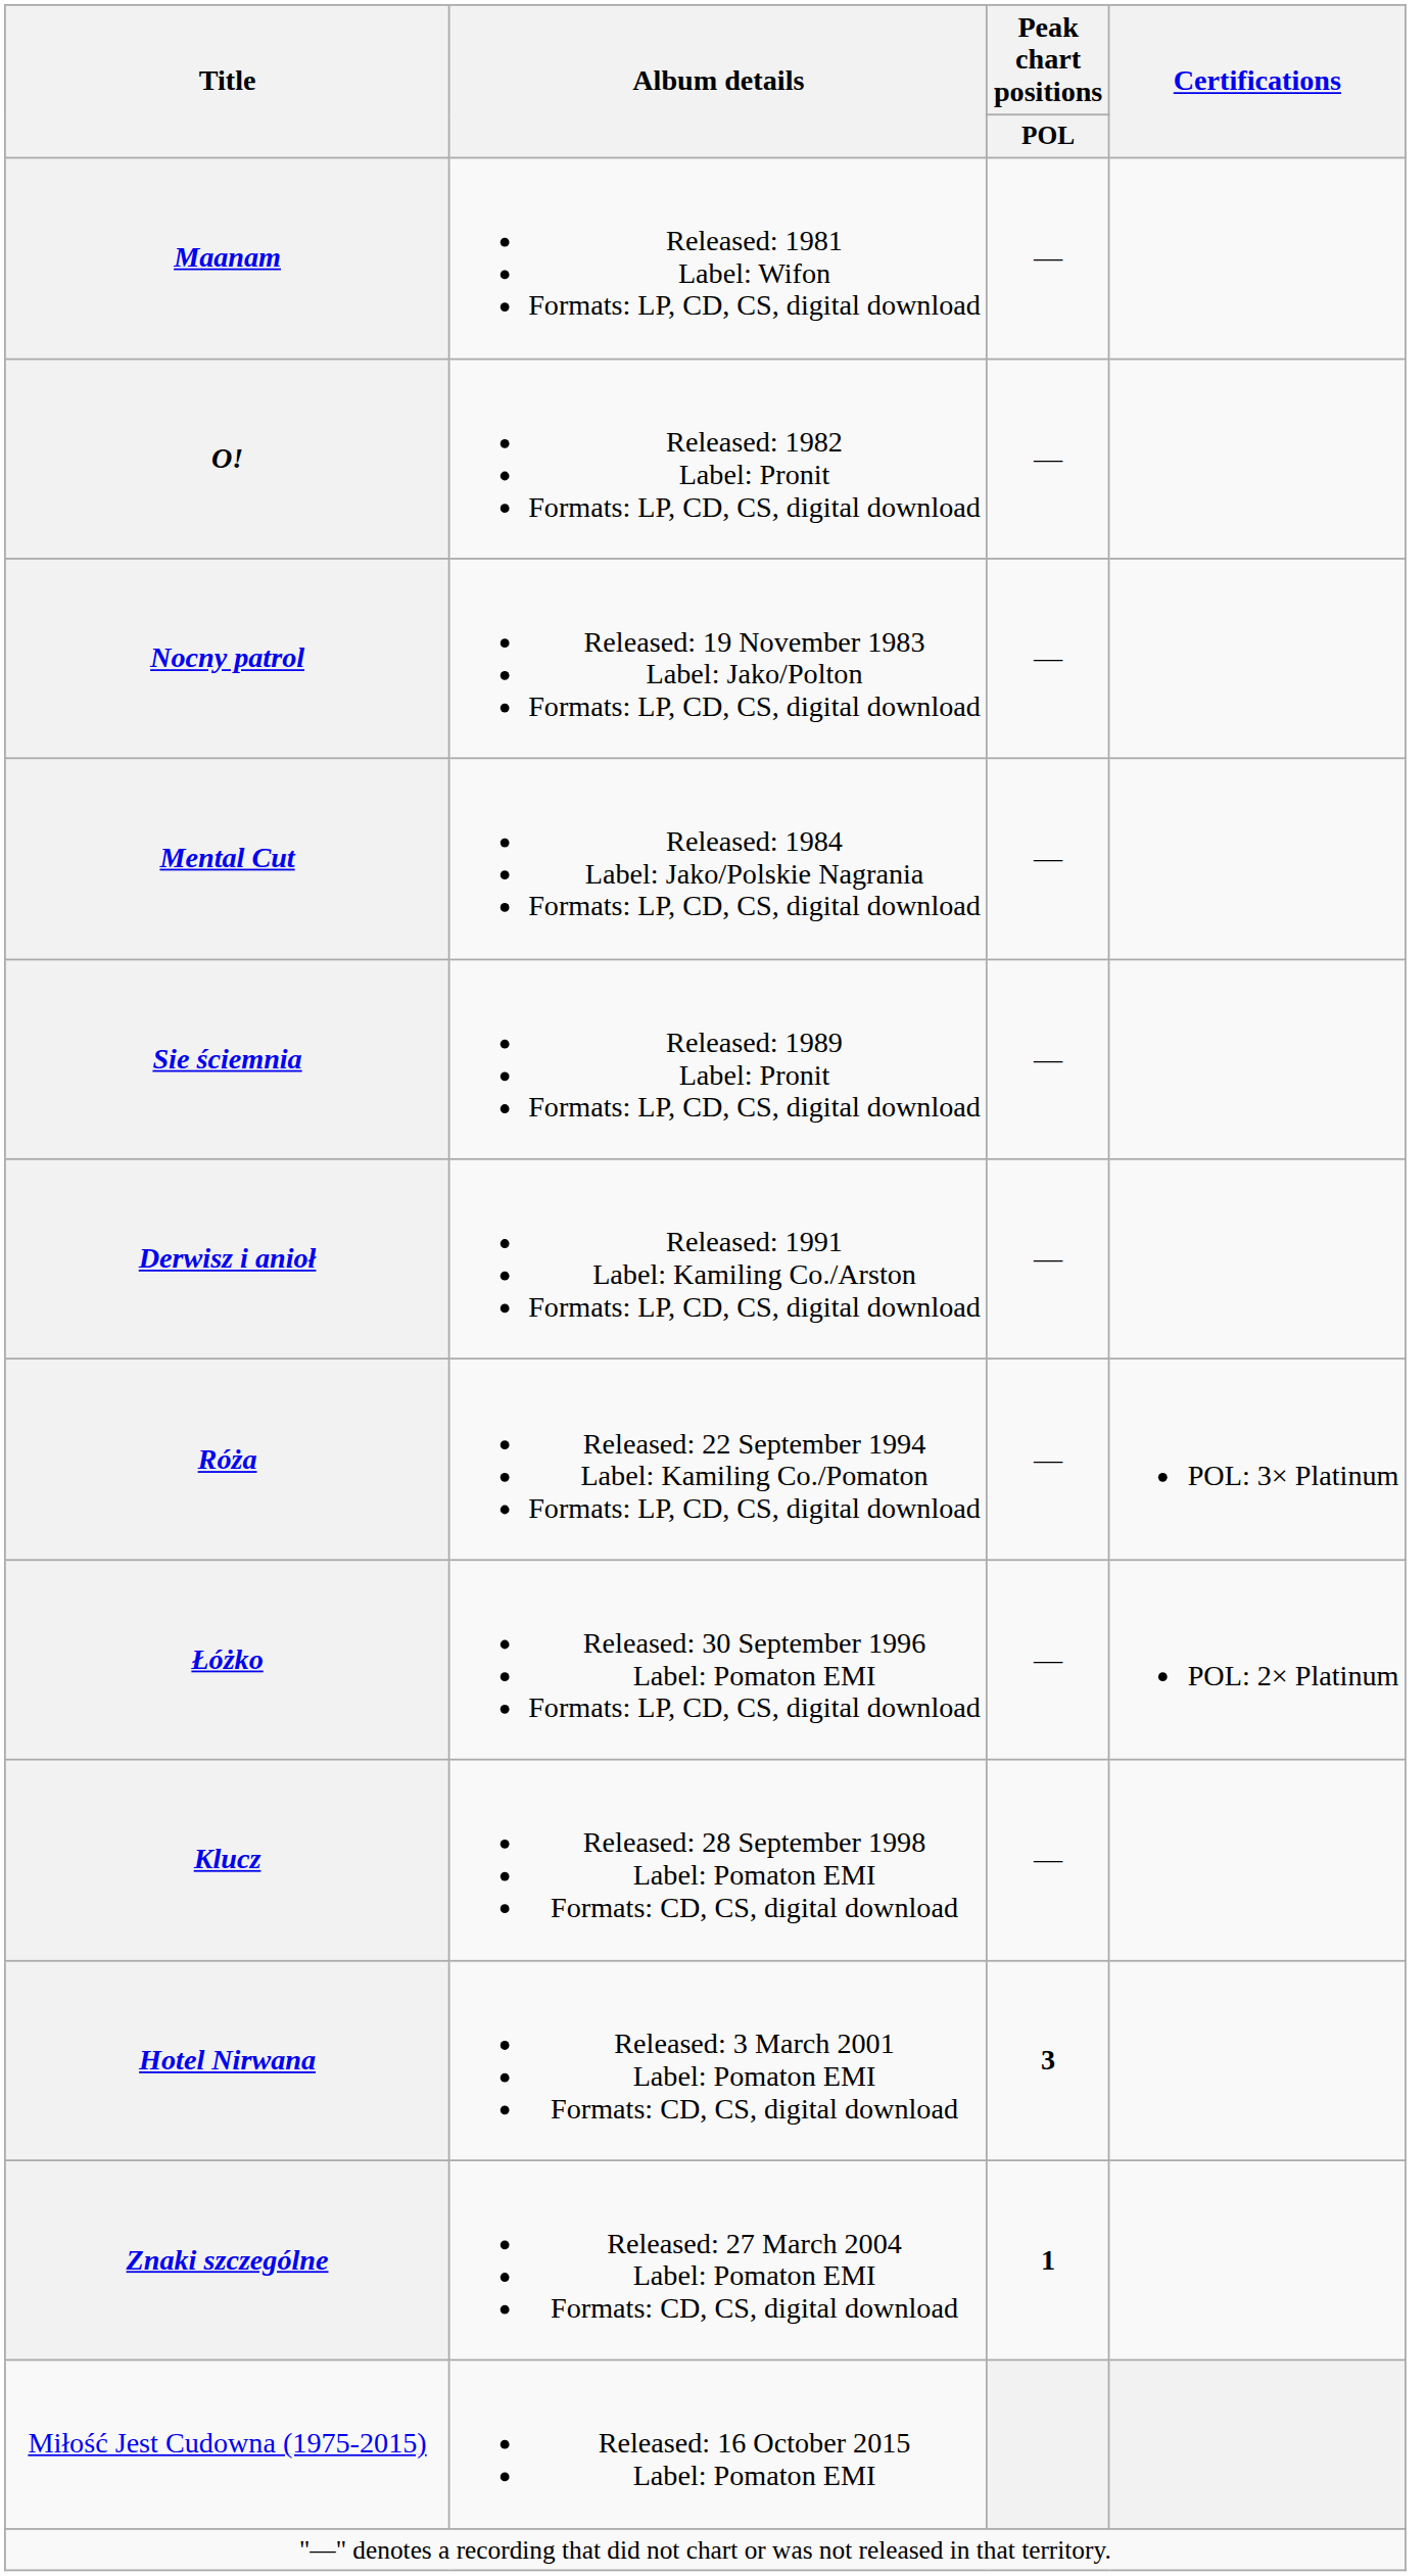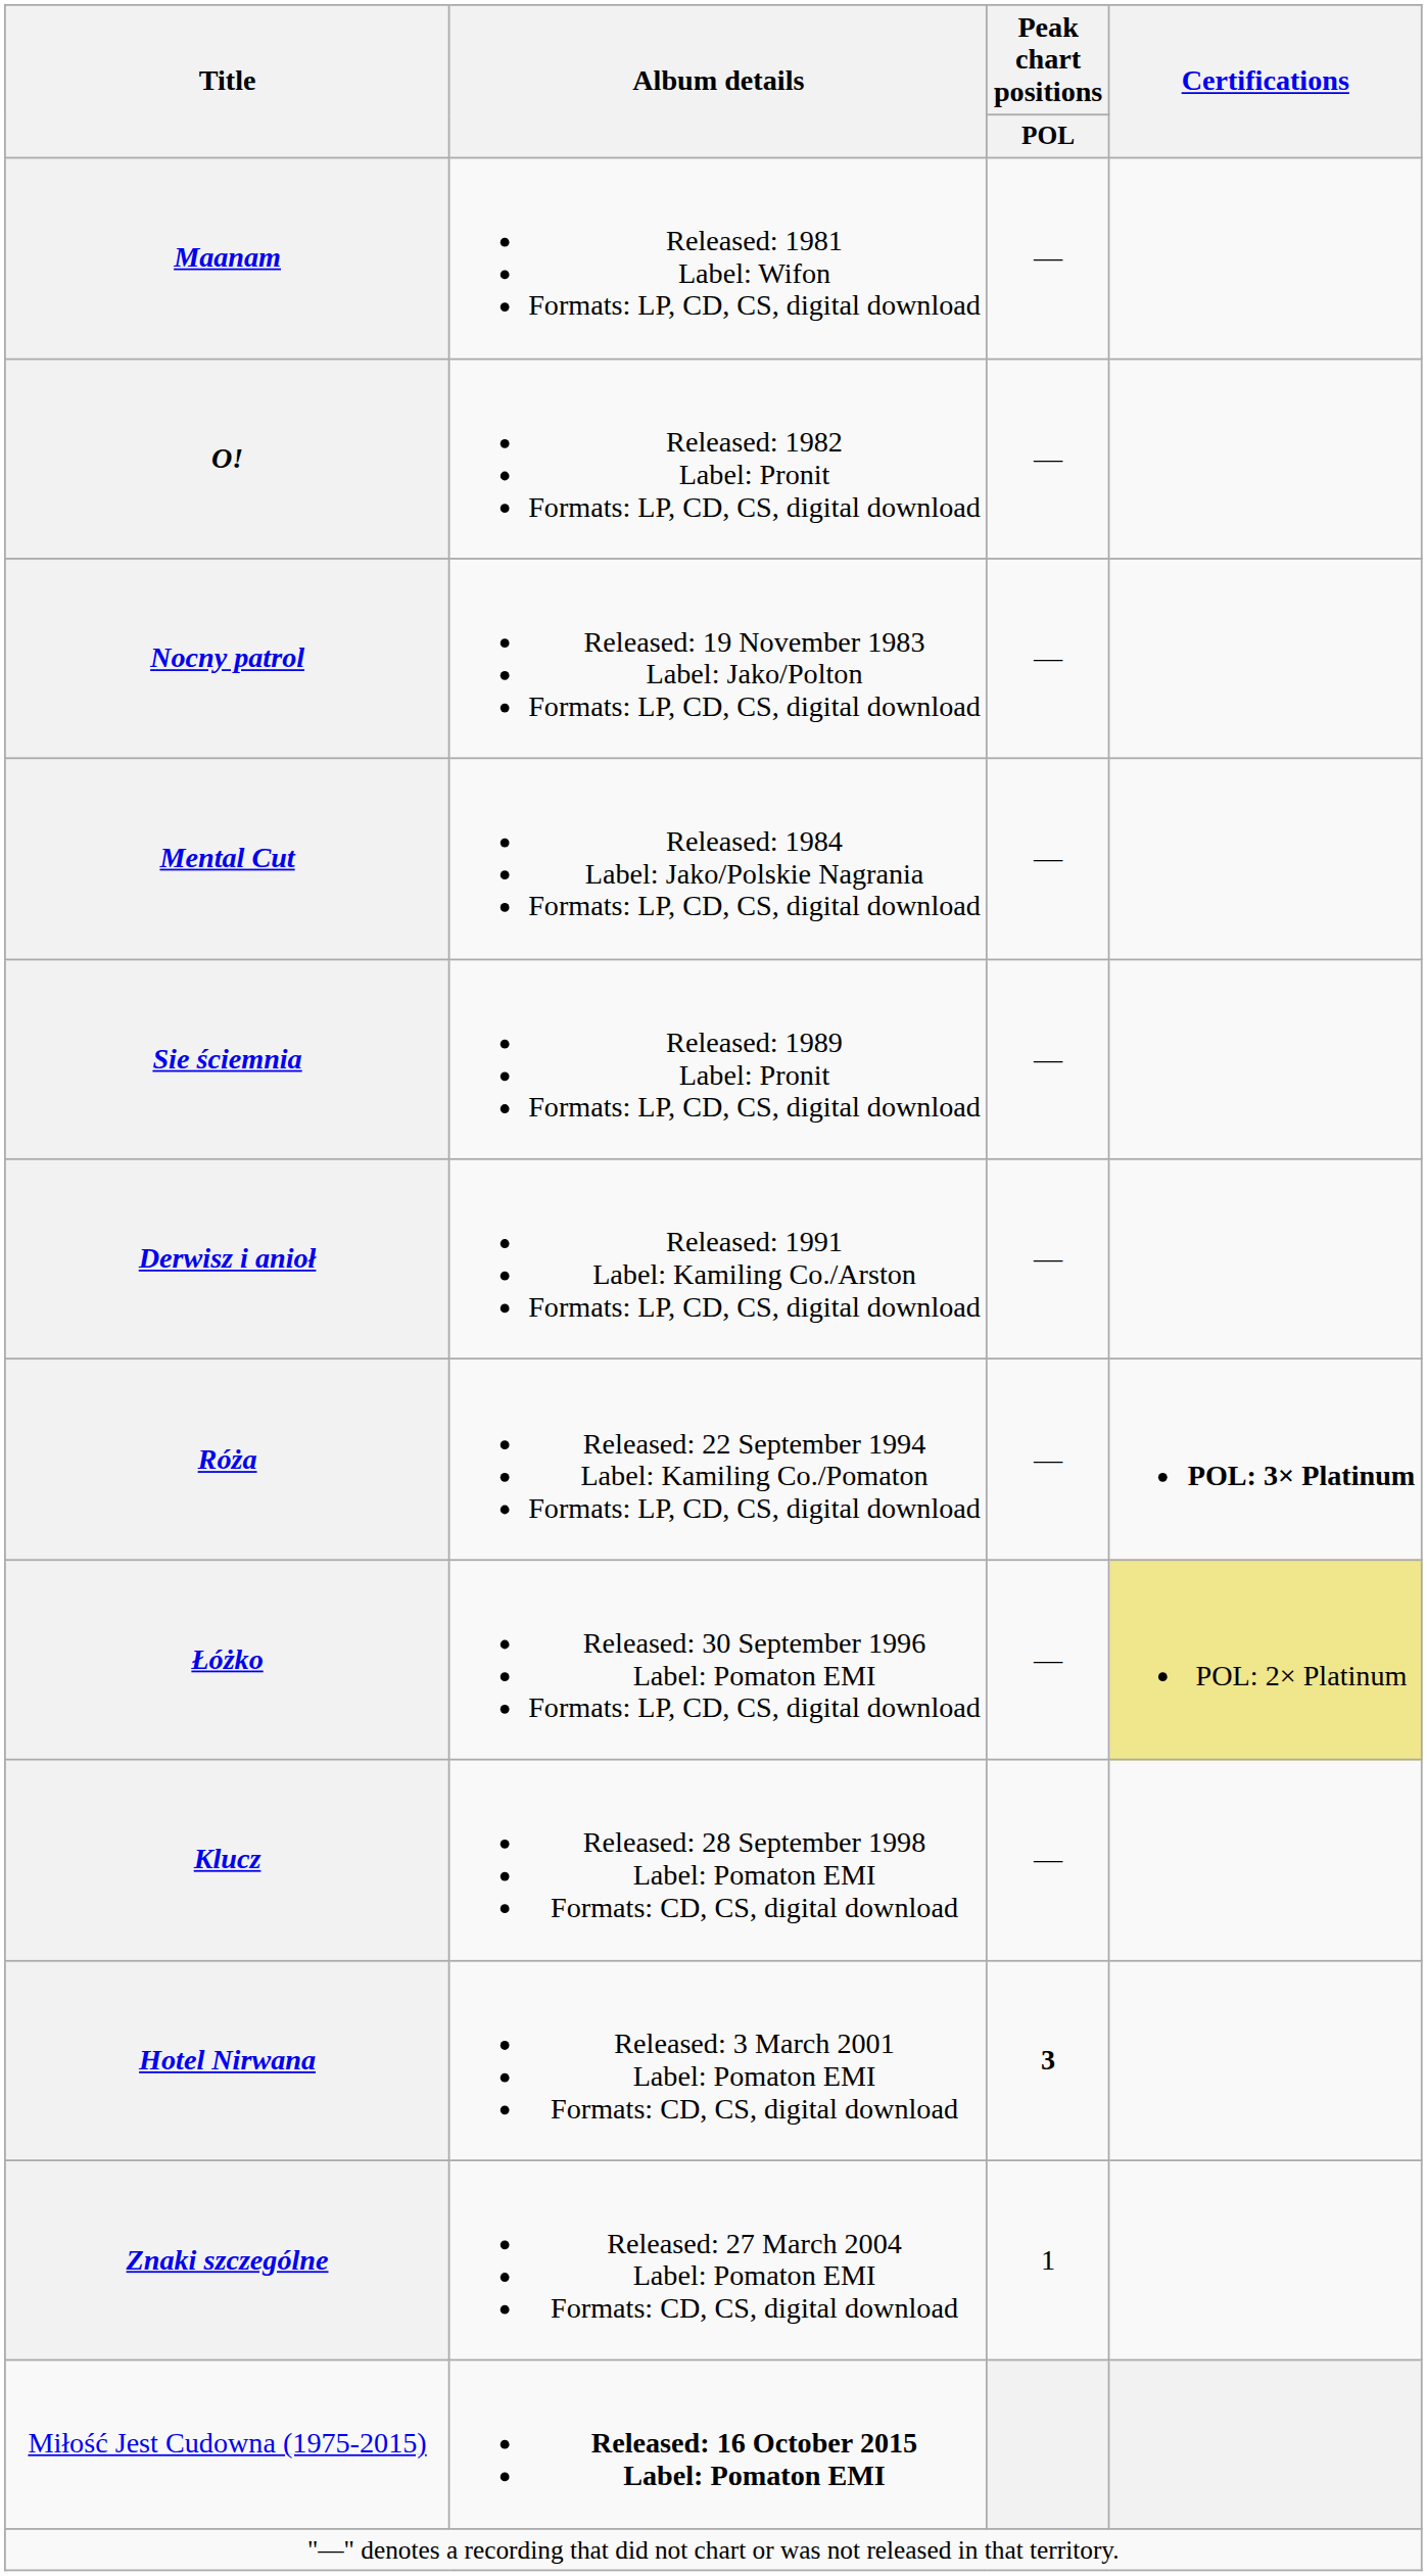 <table class="wikitable plainrowheaders" style="text-align:center;">
 <tr>
 <th scope="col" rowspan="2" style="width:15em;">Title</th>
 <th scope="col" rowspan="2">Album details</th>
 <th scope="col" colspan="1">Peak chart positions</th>
 <th scope="col" rowspan="2"><a href='#'>Certifications</a></th>
 </tr>
 <tr>
 <th scope="col" style="width:3em;font-size:90%;">POL<br></th>
 </tr>
 <tr>
 <th scope="row"><em><a href='#'>Maanam</a></em></th>
 <td><br><ul><li>Released: 1981</li><li>Label: Wifon</li><li>Formats: LP, CD, CS, digital download</li></ul></td>
 <td>—</td>
 <td></td>
 </tr>
 <tr>
 <th scope="row"><em>O!</em></th>
 <td><br><ul><li>Released: 1982</li><li>Label: Pronit</li><li>Formats: LP, CD, CS, digital download</li></ul></td>
 <td>—</td>
 <td></td>
 </tr>
 <tr>
 <th scope="row"><em><a href='#'>Nocny patrol</a></em></th>
 <td><br><ul><li>Released: 19 November 1983</li><li>Label: Jako/Polton</li><li>Formats: LP, CD, CS, digital download</li></ul></td>
 <td>—</td>
 <td></td>
 </tr>
 <tr>
 <th scope="row"><em><a href='#'>Mental Cut</a></em></th>
 <td><br><ul><li>Released: 1984</li><li>Label: Jako/Polskie Nagrania</li><li>Formats: LP, CD, CS, digital download</li></ul></td>
 <td>—</td>
 <td></td>
 </tr>
 <tr>
 <th scope="row"><em><a href='#'>Sie ściemnia</a></em></th>
 <td><br><ul><li>Released: 1989</li><li>Label: Pronit</li><li>Formats: LP, CD, CS, digital download</li></ul></td>
 <td>—</td>
 <td></td>
 </tr>
 <tr>
 <th scope="row"><em><a href='#'>Derwisz i anioł</a></em></th>
 <td><br><ul><li>Released: 1991</li><li>Label: Kamiling Co./Arston</li><li>Formats: LP, CD, CS, digital download</li></ul></td>
 <td>—</td>
 <td></td>
 </tr>
 <tr>
 <th scope="row"><em><a href='#'>Róża</a></em></th>
 <td><br><ul><li>Released: 22 September 1994</li><li>Label: Kamiling Co./Pomaton</li><li>Formats: LP, CD, CS, digital download</li></ul></td>
 <td>—</td>
-<td><br><ul><li>POL: 3× Platinum</li></ul></td>
+<td><strong><br><ul><li>POL: 3× Platinum</li></ul></strong></td>
 </tr>
 <tr>
 <th scope="row"><em><a href='#'>Łóżko</a></em></th>
 <td><br><ul><li>Released: 30 September 1996</li><li>Label: Pomaton EMI</li><li>Formats: LP, CD, CS, digital download</li></ul></td>
 <td>—</td>
-<td><br><ul><li>POL: 2× Platinum</li></ul></td>
+<td style="background: khaki;"><br><ul><li>POL: 2× Platinum</li></ul></td>
 </tr>
 <tr>
 <th scope="row"><em><a href='#'>Klucz</a></em></th>
 <td><br><ul><li>Released: 28 September 1998</li><li>Label: Pomaton EMI</li><li>Formats: CD, CS, digital download</li></ul></td>
 <td>—</td>
 <td></td>
 </tr>
 <tr>
 <th scope="row"><em><a href='#'>Hotel Nirwana</a></em></th>
 <td><br><ul><li>Released: 3 March 2001</li><li>Label: Pomaton EMI</li><li>Formats: CD, CS, digital download</li></ul></td>
 <td><strong>3</strong></td>
 <td></td>
 </tr>
 <tr>
 <th scope="row"><em><a href='#'>Znaki szczególne</a></em></th>
 <td><br><ul><li>Released: 27 March 2004</li><li>Label: Pomaton EMI</li><li>Formats: CD, CS, digital download</li></ul></td>
-<td><strong>1</strong></td>
+<td>1</td>
 <td></td>
 </tr>
 <tr>
 <td><a href='#'>Miłość Jest Cudowna (1975-2015)</a></td>
-<td><br><ul><li>Released: 16 October 2015</li><li>Label: Pomaton EMI</li></ul></td>
+<td><strong><br><ul><li>Released: 16 October 2015</li><li>Label: Pomaton EMI</li></ul></strong></td>
 <th></th>
 <th></th>
 </tr>
 <tr>
 <td colspan="20" style="font-size:90%">"—" denotes a recording that did not chart or was not released in that territory.</td>
 </tr>
 </table>
